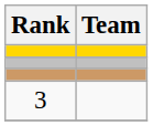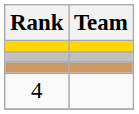 <table class="wikitable" border="1">
 <tr>
 <th>Rank</th>
 <th>Team</th>
 </tr>
 <tr bgcolor=gold>
 <td align=center></td>
 <td></td>
 </tr>
 <tr bgcolor=silver>
 <td align=center></td>
 <td></td>
 </tr>
 <tr bgcolor=cc9966>
 <td align=center></td>
 <td></td>
 </tr>
 <tr>
-<td align=center>3</td>
+<td align=center>4</td>
 <td></td>
 </tr>
 <tr>
 </tr>
 </table>
